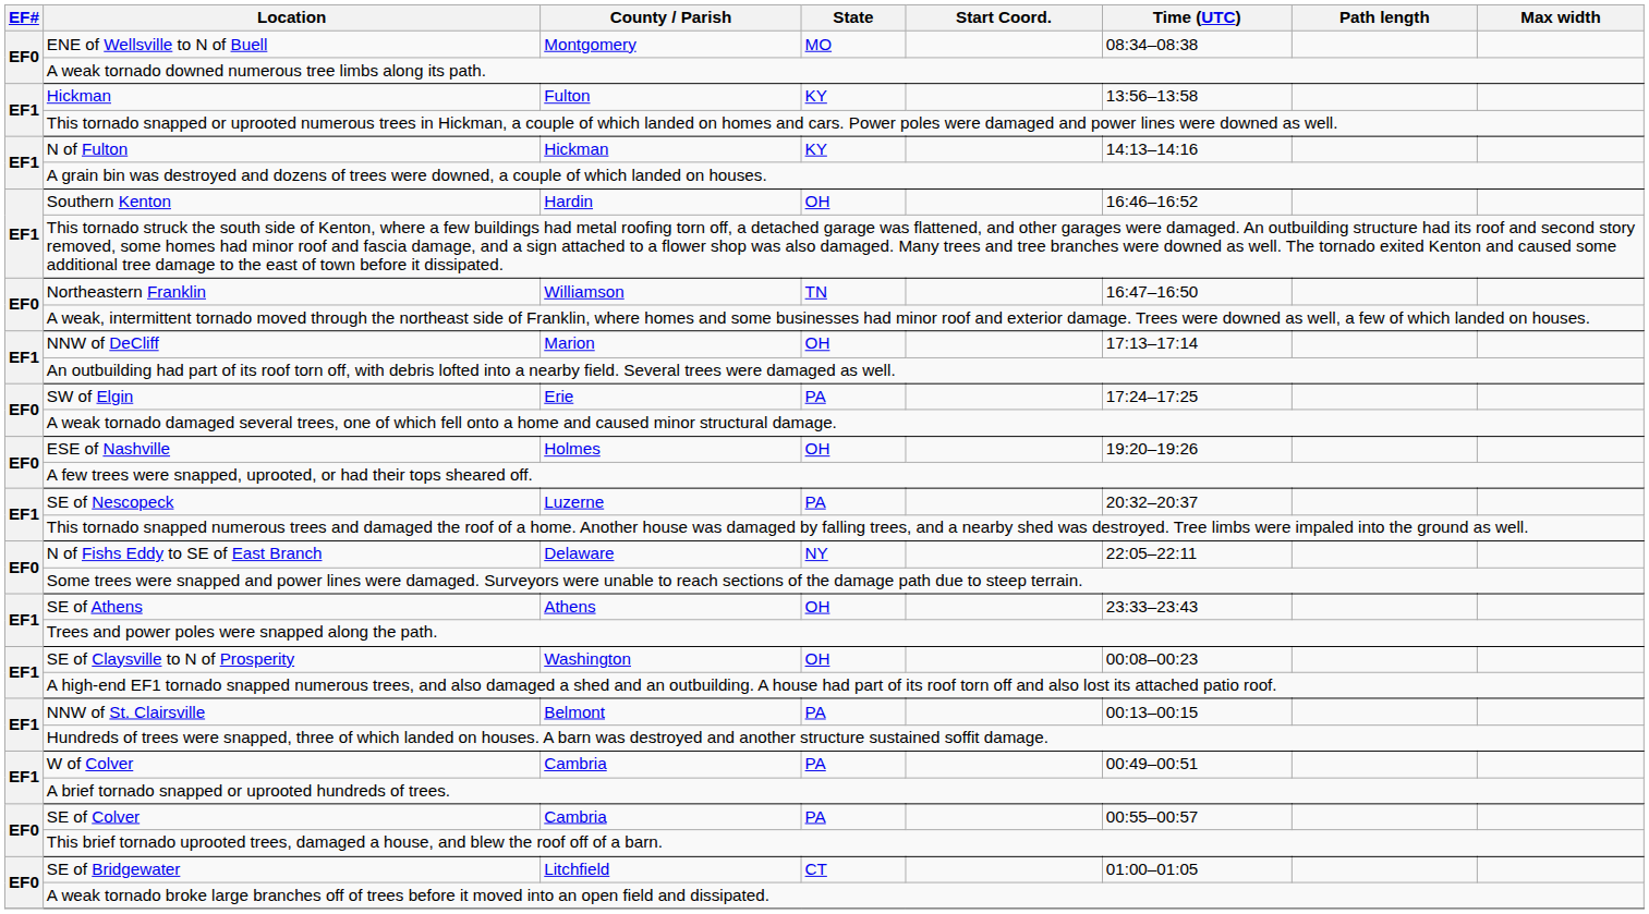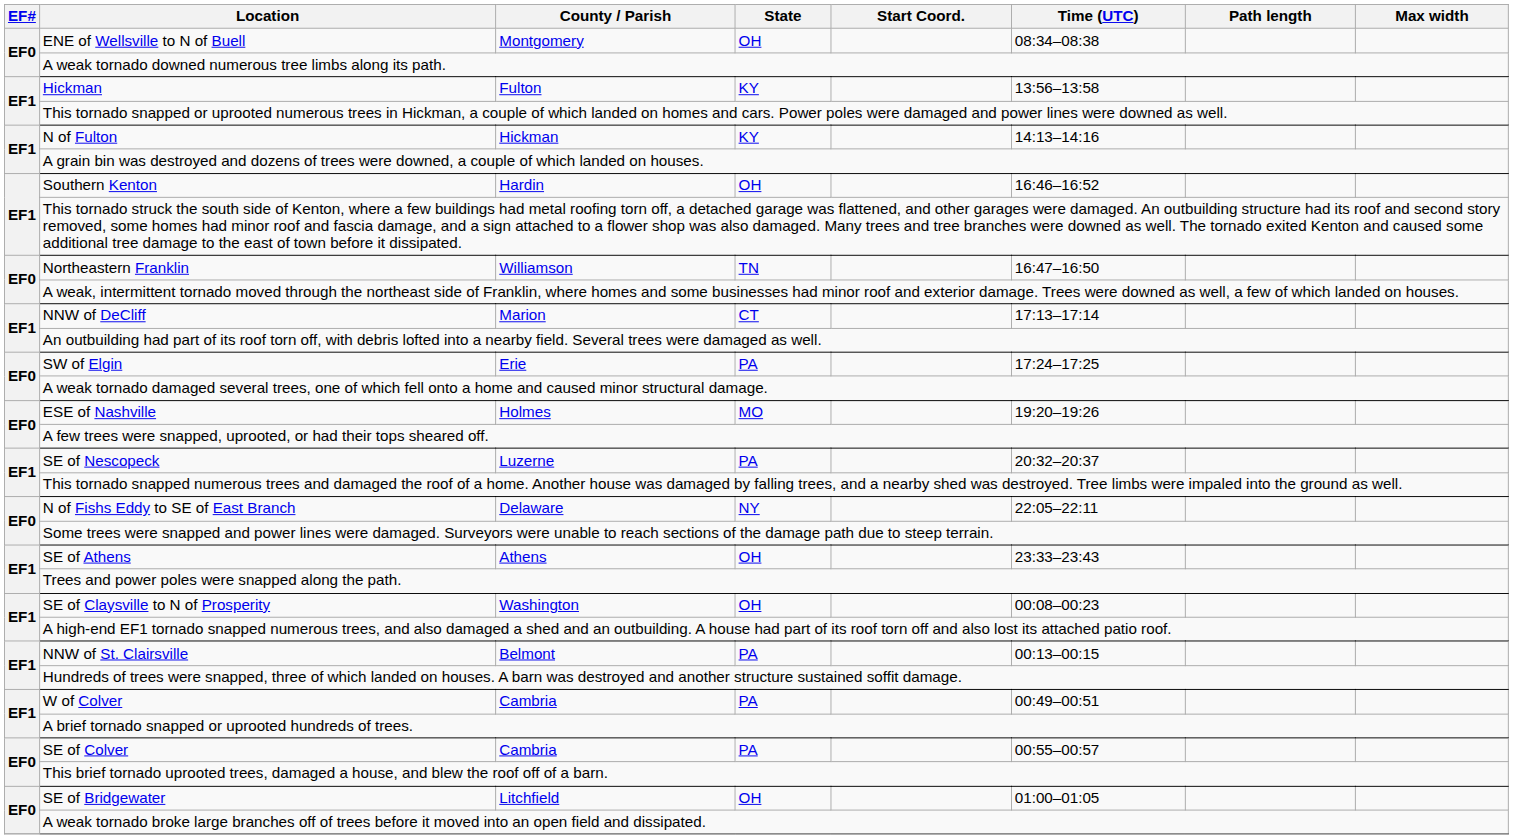 <table class="wikitable sortable" style="width:100%;">
 <tr>
 <th scope="col" width="2%" align="center"><a href='#'>EF#</a></th>
 <th scope="col" align="center" class="unsortable">Location</th>
 <th scope="col" align="center" class="unsortable">County / Parish</th>
 <th scope="col" align="center">State</th>
 <th scope="col" align="center">Start Coord.</th>
 <th scope="col" align="center">Time (<a href='#'>UTC</a>)</th>
 <th scope="col" align="center">Path length</th>
 <th scope="col" align="center">Max width</th>
 </tr>
 <tr>
 <th scope="row" rowspan="2" style="background-color:#">EF0</th>
 <td>ENE of <a href='#'>Wellsville</a> to N of <a href='#'>Buell</a></td>
 <td><a href='#'>Montgomery</a></td>
-<td><a href='#'>MO</a></td>
+<td><a href='#'>OH</a></td>
 <td></td>
 <td>08:34–08:38</td>
 <td></td>
 <td></td>
 </tr>
 <tr class="expand-child">
 <td colspan="8" style=" border-bottom: 1px solid black;">A weak tornado downed numerous tree limbs along its path.</td>
 </tr>
 <tr>
 <th scope="row" rowspan="2" style="background-color:#">EF1</th>
 <td><a href='#'>Hickman</a></td>
 <td><a href='#'>Fulton</a></td>
 <td><a href='#'>KY</a></td>
 <td></td>
 <td>13:56–13:58</td>
 <td></td>
 <td></td>
 </tr>
 <tr class="expand-child">
 <td colspan="8" style=" border-bottom: 1px solid black;">This tornado snapped or uprooted numerous trees in Hickman, a couple of which landed on homes and cars. Power poles were damaged and power lines were downed as well.</td>
 </tr>
 <tr>
 <th scope="row" rowspan="2" style="background-color:#">EF1</th>
 <td>N of <a href='#'>Fulton</a></td>
 <td><a href='#'>Hickman</a></td>
 <td><a href='#'>KY</a></td>
 <td></td>
 <td>14:13–14:16</td>
 <td></td>
 <td></td>
 </tr>
 <tr class="expand-child">
 <td colspan="8" style=" border-bottom: 1px solid black;">A grain bin was destroyed and dozens of trees were downed, a couple of which landed on houses.</td>
 </tr>
 <tr>
 <th scope="row" rowspan="2" style="background-color:#">EF1</th>
 <td>Southern <a href='#'>Kenton</a></td>
 <td><a href='#'>Hardin</a></td>
 <td><a href='#'>OH</a></td>
 <td></td>
 <td>16:46–16:52</td>
 <td></td>
 <td></td>
 </tr>
 <tr class="expand-child">
 <td colspan="8" style=" border-bottom: 1px solid black;">This tornado struck the south side of Kenton, where a few buildings had metal roofing torn off, a detached garage was flattened, and other garages were damaged. An outbuilding structure had its roof and second story removed, some homes had minor roof and fascia damage, and a sign attached to a flower shop was also damaged. Many trees and tree branches were downed as well. The tornado exited Kenton and caused some additional tree damage to the east of town before it dissipated.</td>
 </tr>
 <tr>
 <th scope="row" rowspan="2" style="background-color:#">EF0</th>
 <td>Northeastern <a href='#'>Franklin</a></td>
 <td><a href='#'>Williamson</a></td>
 <td><a href='#'>TN</a></td>
 <td></td>
 <td>16:47–16:50</td>
 <td></td>
 <td></td>
 </tr>
 <tr class="expand-child">
 <td colspan="8" style=" border-bottom: 1px solid black;">A weak, intermittent tornado moved through the northeast side of Franklin, where homes and some businesses had minor roof and exterior damage. Trees were downed as well, a few of which landed on houses.</td>
 </tr>
 <tr>
 <th scope="row" rowspan="2" style="background-color:#">EF1</th>
 <td>NNW of <a href='#'>DeCliff</a></td>
 <td><a href='#'>Marion</a></td>
-<td><a href='#'>OH</a></td>
+<td><a href='#'>CT</a></td>
 <td></td>
 <td>17:13–17:14</td>
 <td></td>
 <td></td>
 </tr>
 <tr class="expand-child">
 <td colspan="8" style=" border-bottom: 1px solid black;">An outbuilding had part of its roof torn off, with debris lofted into a nearby field. Several trees were damaged as well.</td>
 </tr>
 <tr>
 <th scope="row" rowspan="2" style="background-color:#">EF0</th>
 <td>SW of <a href='#'>Elgin</a></td>
 <td><a href='#'>Erie</a></td>
 <td><a href='#'>PA</a></td>
 <td></td>
 <td>17:24–17:25</td>
 <td></td>
 <td></td>
 </tr>
 <tr class="expand-child">
 <td colspan="8" style=" border-bottom: 1px solid black;">A weak tornado damaged several trees, one of which fell onto a home and caused minor structural damage.</td>
 </tr>
 <tr>
 <th scope="row" rowspan="2" style="background-color:#">EF0</th>
 <td>ESE of <a href='#'>Nashville</a></td>
 <td><a href='#'>Holmes</a></td>
-<td><a href='#'>OH</a></td>
+<td><a href='#'>MO</a></td>
 <td></td>
 <td>19:20–19:26</td>
 <td></td>
 <td></td>
 </tr>
 <tr class="expand-child">
 <td colspan="8" style=" border-bottom: 1px solid black;">A few trees were snapped, uprooted, or had their tops sheared off.</td>
 </tr>
 <tr>
 <th scope="row" rowspan="2" style="background-color:#">EF1</th>
 <td>SE of <a href='#'>Nescopeck</a></td>
 <td><a href='#'>Luzerne</a></td>
 <td><a href='#'>PA</a></td>
 <td></td>
 <td>20:32–20:37</td>
 <td></td>
 <td></td>
 </tr>
 <tr class="expand-child">
 <td colspan="8" style=" border-bottom: 1px solid black;">This tornado snapped numerous trees and damaged the roof of a home. Another house was damaged by falling trees, and a nearby shed was destroyed. Tree limbs were impaled into the ground as well.</td>
 </tr>
 <tr>
 <th scope="row" rowspan="2" style="background-color:#">EF0</th>
 <td>N of <a href='#'>Fishs Eddy</a> to SE of <a href='#'>East Branch</a></td>
 <td><a href='#'>Delaware</a></td>
 <td><a href='#'>NY</a></td>
 <td></td>
 <td>22:05–22:11</td>
 <td></td>
 <td></td>
 </tr>
 <tr class="expand-child">
 <td colspan="8" style=" border-bottom: 1px solid black;">Some trees were snapped and power lines were damaged. Surveyors were unable to reach sections of the damage path due to steep terrain.</td>
 </tr>
 <tr>
 <th scope="row" rowspan="2" style="background-color:#">EF1</th>
 <td>SE of <a href='#'>Athens</a></td>
 <td><a href='#'>Athens</a></td>
 <td><a href='#'>OH</a></td>
 <td></td>
 <td>23:33–23:43</td>
 <td></td>
 <td></td>
 </tr>
 <tr class="expand-child">
 <td colspan="8" style=" border-bottom: 1px solid black;">Trees and power poles were snapped along the path.</td>
 </tr>
 <tr>
 <th scope="row" rowspan="2" style="background-color:#">EF1</th>
 <td>SE of <a href='#'>Claysville</a> to N of <a href='#'>Prosperity</a></td>
 <td><a href='#'>Washington</a></td>
 <td><a href='#'>OH</a></td>
 <td></td>
 <td>00:08–00:23</td>
 <td></td>
 <td></td>
 </tr>
 <tr class="expand-child">
 <td colspan="8" style=" border-bottom: 1px solid black;">A high-end EF1 tornado snapped numerous trees, and also damaged a shed and an outbuilding. A house had part of its roof torn off and also lost its attached patio roof.</td>
 </tr>
 <tr>
 <th scope="row" rowspan="2" style="background-color:#">EF1</th>
 <td>NNW of <a href='#'>St. Clairsville</a></td>
 <td><a href='#'>Belmont</a></td>
 <td><a href='#'>PA</a></td>
 <td></td>
 <td>00:13–00:15</td>
 <td></td>
 <td></td>
 </tr>
 <tr class="expand-child">
 <td colspan="8" style=" border-bottom: 1px solid black;">Hundreds of trees were snapped, three of which landed on houses. A barn was destroyed and another structure sustained soffit damage.</td>
 </tr>
 <tr>
 <th scope="row" rowspan="2" style="background-color:#">EF1</th>
 <td>W of <a href='#'>Colver</a></td>
 <td><a href='#'>Cambria</a></td>
 <td><a href='#'>PA</a></td>
 <td></td>
 <td>00:49–00:51</td>
 <td></td>
 <td></td>
 </tr>
 <tr class="expand-child">
 <td colspan="8" style=" border-bottom: 1px solid black;">A brief tornado snapped or uprooted hundreds of trees.</td>
 </tr>
 <tr>
 <th scope="row" rowspan="2" style="background-color:#">EF0</th>
 <td>SE of <a href='#'>Colver</a></td>
 <td><a href='#'>Cambria</a></td>
 <td><a href='#'>PA</a></td>
 <td></td>
 <td>00:55–00:57</td>
 <td></td>
 <td></td>
 </tr>
 <tr class="expand-child">
 <td colspan="8" style=" border-bottom: 1px solid black;">This brief tornado uprooted trees, damaged a house, and blew the roof off of a barn.</td>
 </tr>
 <tr>
 <th scope="row" rowspan="2" style="background-color:#">EF0</th>
 <td>SE of <a href='#'>Bridgewater</a></td>
 <td><a href='#'>Litchfield</a></td>
-<td><a href='#'>CT</a></td>
+<td><a href='#'>OH</a></td>
 <td></td>
 <td>01:00–01:05</td>
 <td></td>
 <td></td>
 </tr>
 <tr class="expand-child">
 <td colspan="8" style=" border-bottom: 1px solid black;">A weak tornado broke large branches off of trees before it moved into an open field and dissipated.</td>
 </tr>
 <tr>
 </tr>
 </table>
